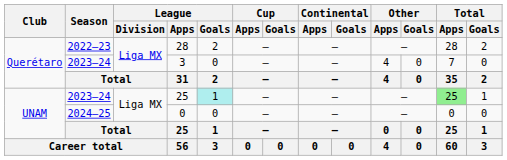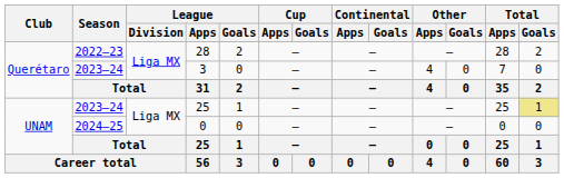 <table class="wikitable" style="text-align: center">
 <tr>
 <th rowspan="2">Club</th>
 <th rowspan="2">Season</th>
 <th colspan="3">League</th>
 <th colspan="2">Cup</th>
 <th colspan="2">Continental</th>
 <th colspan="2">Other</th>
 <th colspan="2">Total</th>
 </tr>
 <tr>
 <th>Division</th>
 <th>Apps</th>
 <th>Goals</th>
 <th>Apps</th>
 <th>Goals</th>
 <th>Apps</th>
 <th>Goals</th>
 <th>Apps</th>
 <th>Goals</th>
 <th>Apps</th>
 <th>Goals</th>
 </tr>
 <tr>
 <td rowspan="3"><a href='#'>Querétaro</a></td>
 <td><a href='#'>2022–23</a></td>
 <td rowspan="2"><a href='#'>Liga MX</a></td>
 <td>28</td>
 <td>2</td>
 <td colspan="2">–</td>
 <td colspan="2">–</td>
 <td colspan="2">–</td>
 <td>28</td>
 <td>2</td>
 </tr>
 <tr>
 <td><a href='#'>2023–24</a></td>
 <td>3</td>
 <td>0</td>
 <td colspan="2">–</td>
 <td colspan="2">–</td>
 <td>4</td>
 <td>0</td>
 <td>7</td>
 <td>0</td>
 </tr>
 <tr>
 <th colspan="2">Total</th>
 <th>31</th>
 <th>2</th>
 <th colspan="2">–</th>
 <th colspan="2">–</th>
 <th>4</th>
 <th>0</th>
 <th>35</th>
 <th>2</th>
 </tr>
 <tr>
 <td rowspan="3"><a href='#'>UNAM</a></td>
 <td><a href='#'>2023–24</a></td>
 <td rowspan="2">Liga MX</td>
 <td>25</td>
-<td style="background: paleturquoise;">1</td>
+<td>1</td>
 <td colspan="2">–</td>
 <td colspan="2">–</td>
 <td colspan="2">–</td>
-<td style="background: lightgreen;">25</td>
-<td>1</td>
+<td>25</td>
+<td style="background: khaki;">1</td>
 </tr>
 <tr>
 <td><a href='#'>2024–25</a></td>
 <td>0</td>
 <td>0</td>
 <td colspan="2">—</td>
 <td colspan="2">—</td>
 <td colspan="2">—</td>
 <td>0</td>
 <td>0</td>
 </tr>
 <tr>
 <th colspan="2">Total</th>
 <th>25</th>
 <th>1</th>
 <th colspan="2">–</th>
 <th colspan="2">–</th>
 <th>0</th>
 <th>0</th>
 <th>25</th>
 <th>1</th>
 </tr>
 <tr>
 <th colspan="3">Career total</th>
 <th>56</th>
 <th>3</th>
 <th>0</th>
 <th>0</th>
 <th>0</th>
 <th>0</th>
 <th>4</th>
 <th>0</th>
 <th>60</th>
 <th>3</th>
 </tr>
 </table>
